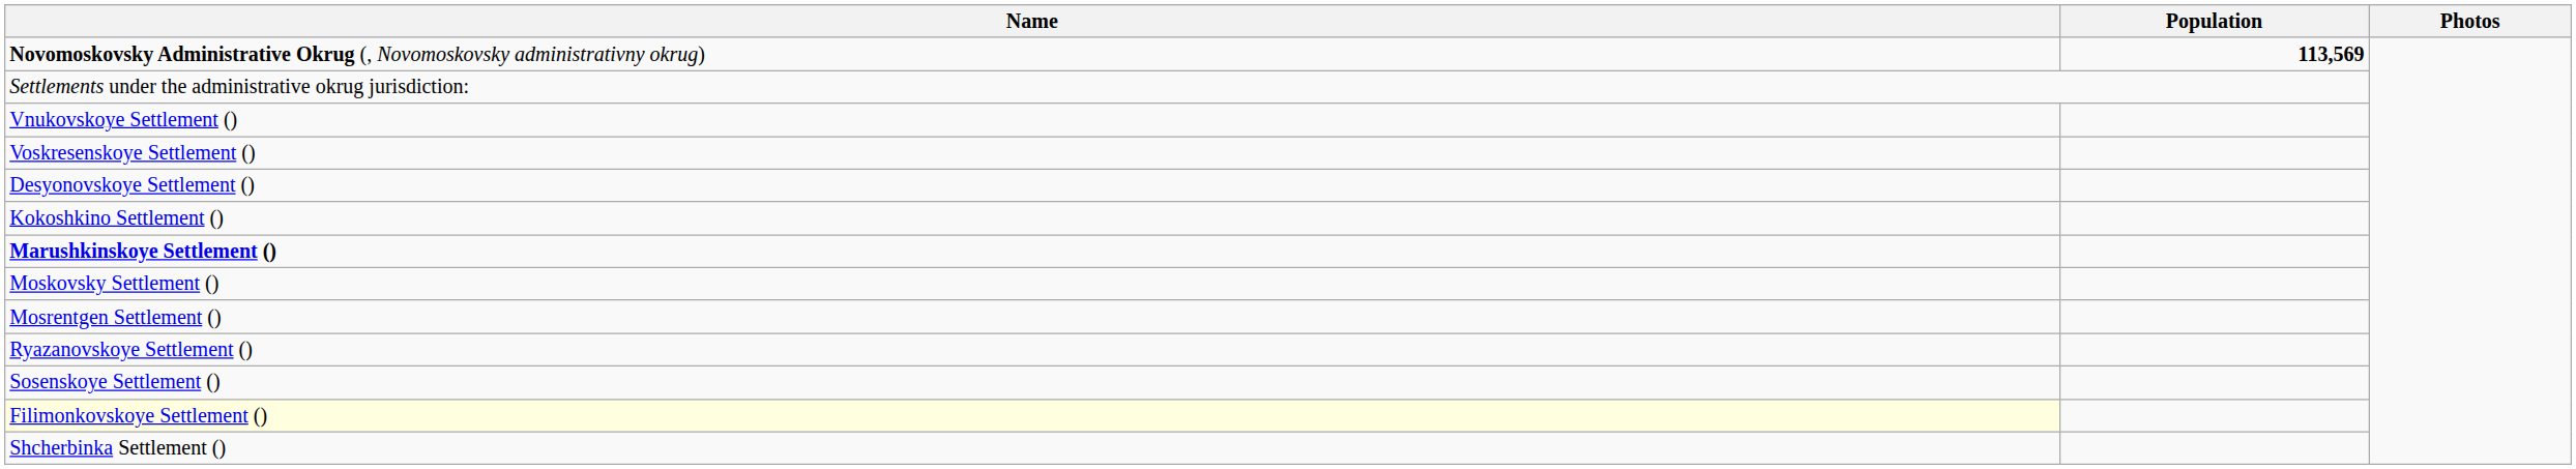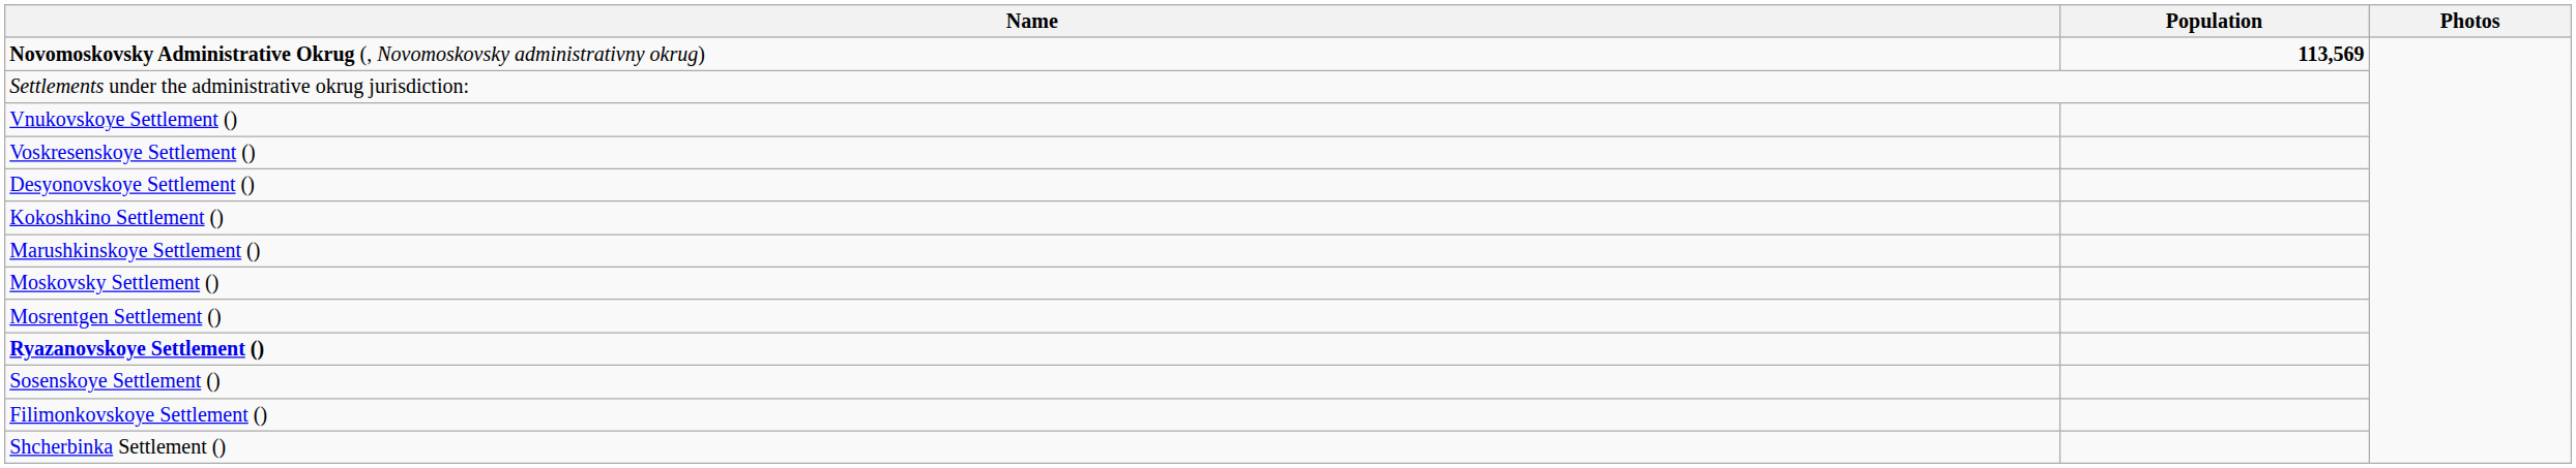 <table width=100% class="wikitable">
 <tr bgcolor="#CCCCFF" align="left">
 <th>Name</th>
 <th>Population</th>
 <th>Photos</th>
 </tr>
 <tr>
 <td><strong>Novomoskovsky Administrative Okrug</strong> (, <em>Novomoskovsky administrativny okrug</em>)</td>
 <td align="right"><strong>113,569</strong></td>
 <td rowspan=13></td>
 </tr>
 <tr>
 <td colspan=2><em>Settlements</em> under the administrative okrug jurisdiction:</td>
 </tr>
 <tr>
 <td><a href='#'>Vnukovskoye Settlement</a> ()</td>
 <td align="right"></td>
 </tr>
 <tr>
 <td><a href='#'>Voskresenskoye Settlement</a> ()</td>
 <td align="right"></td>
 </tr>
 <tr>
 <td><a href='#'>Desyonovskoye Settlement</a> ()</td>
 <td align="right"></td>
 </tr>
 <tr>
 <td><a href='#'>Kokoshkino Settlement</a> ()</td>
 <td align="right"></td>
 </tr>
 <tr>
-<td><strong><a href='#'>Marushkinskoye Settlement</a> ()</strong></td>
+<td><a href='#'>Marushkinskoye Settlement</a> ()</td>
 <td align="right"></td>
 </tr>
 <tr>
 <td><a href='#'>Moskovsky Settlement</a> ()</td>
 <td align="right"></td>
 </tr>
 <tr>
 <td><a href='#'>Mosrentgen Settlement</a> ()</td>
 <td align="right"></td>
 </tr>
 <tr>
-<td><a href='#'>Ryazanovskoye Settlement</a> ()</td>
+<td><strong><a href='#'>Ryazanovskoye Settlement</a> ()</strong></td>
 <td align="right"></td>
 </tr>
 <tr>
 <td><a href='#'>Sosenskoye Settlement</a> ()</td>
 <td align="right"></td>
 </tr>
 <tr>
-<td style="background: lightyellow;"><a href='#'>Filimonkovskoye Settlement</a> ()</td>
+<td><a href='#'>Filimonkovskoye Settlement</a> ()</td>
 <td align="right"></td>
 </tr>
 <tr>
 <td><a href='#'>Shcherbinka</a> Settlement ()</td>
 <td align="right"></td>
 </tr>
 </table>
